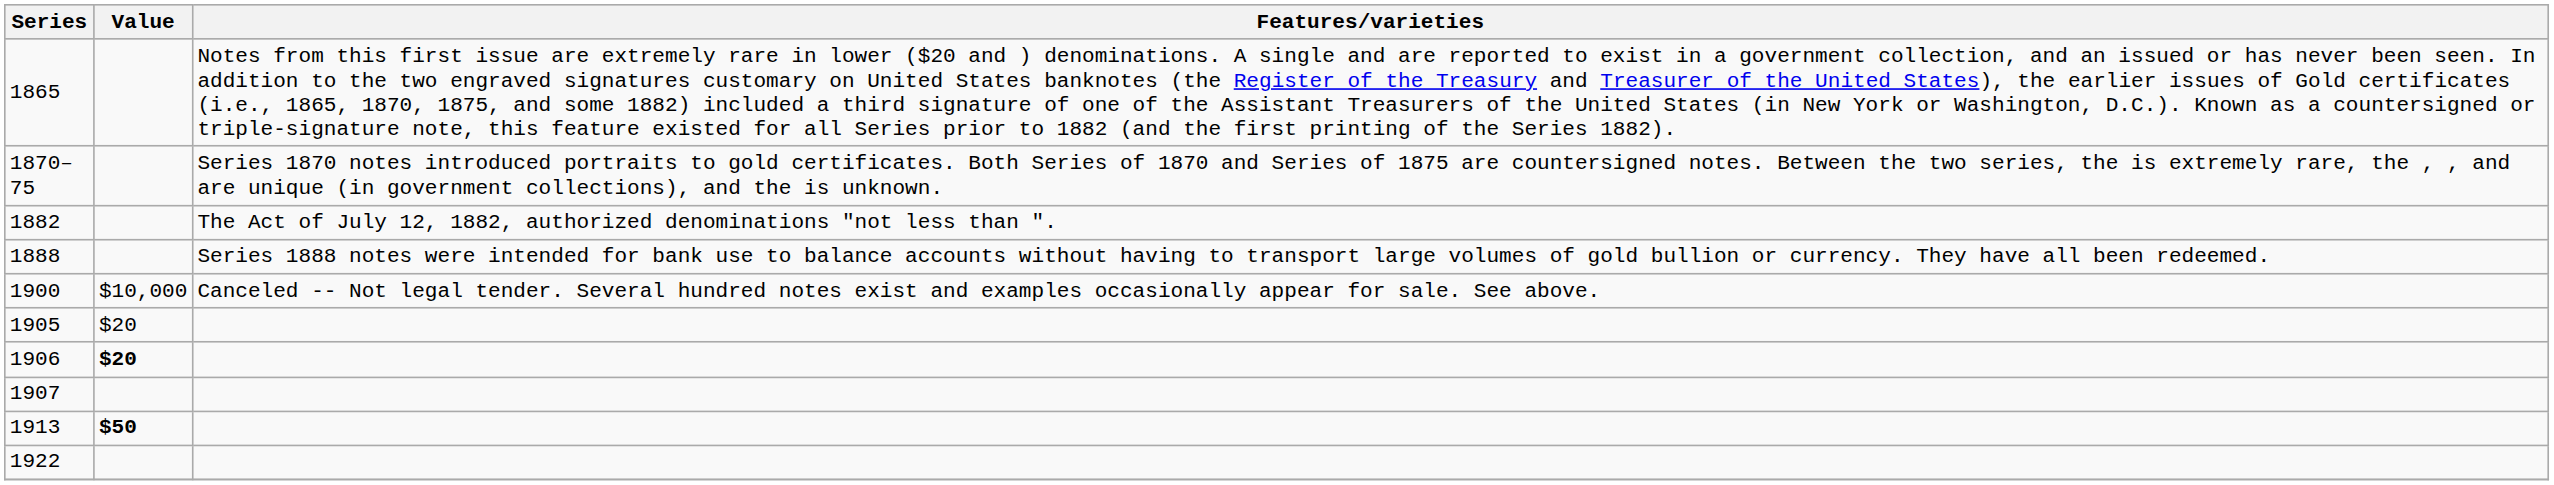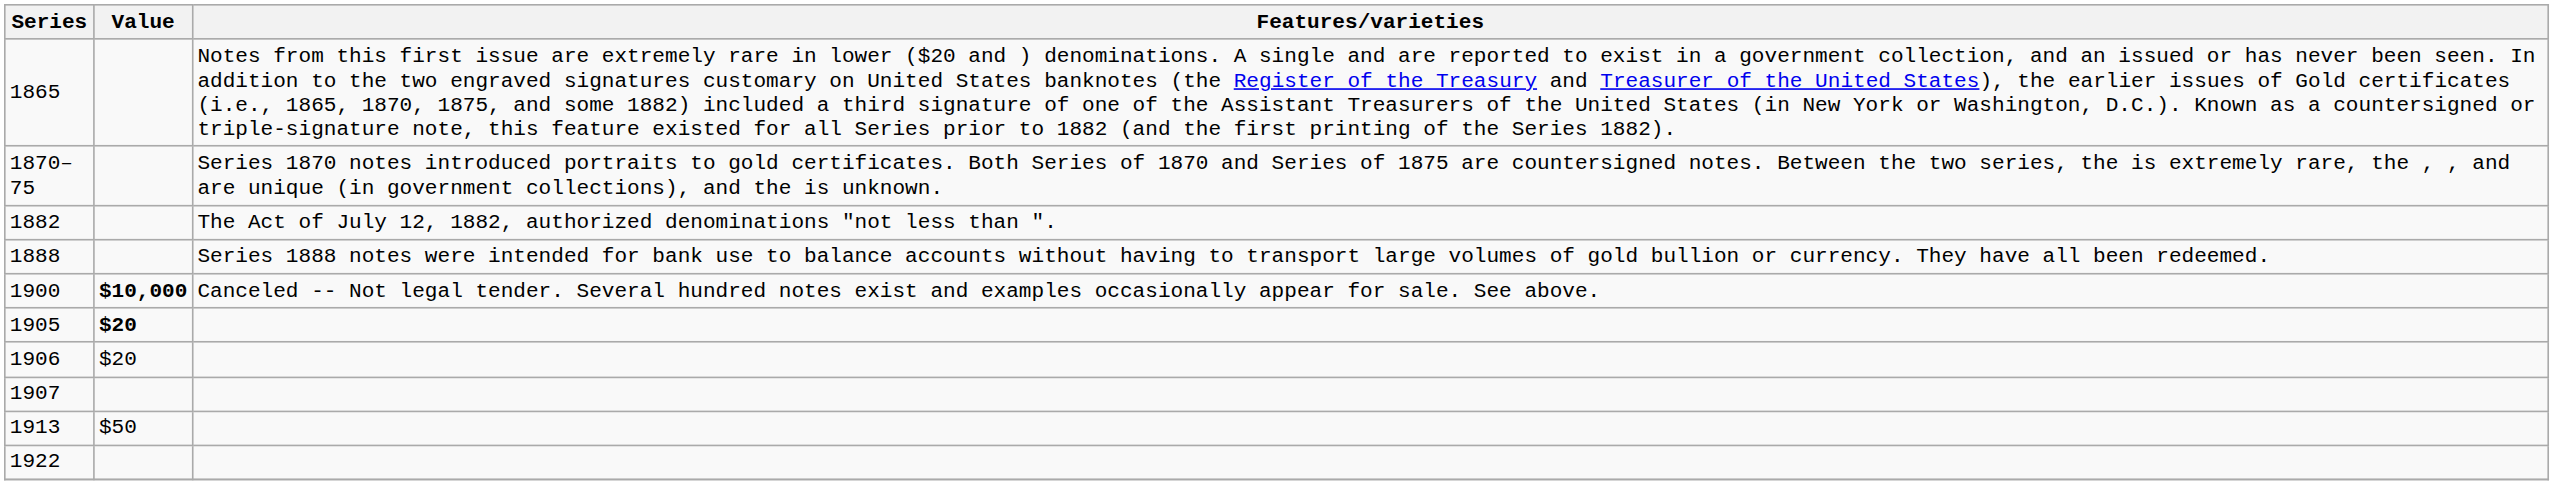 <table class="wikitable">
 <tr>
 <th scope="col">Series</th>
 <th scope="col">Value</th>
 <th scope="col">Features/varieties</th>
 </tr>
 <tr>
 <td>1865<br></td>
 <td></td>
 <td>Notes from this first issue are extremely rare in lower ($20 and ) denominations. A single  and  are reported to exist in a government collection, and an issued  or  has never been seen. In addition to the two engraved signatures customary on United States banknotes (the <a href='#'>Register of the Treasury</a> and <a href='#'>Treasurer of the United States</a>), the earlier issues of Gold certificates (i.e., 1865, 1870, 1875, and some 1882) included a third signature of one of the Assistant Treasurers of the United States (in New York or Washington, D.C.). Known as a countersigned or triple-signature note, this feature existed for all Series prior to 1882 (and the first printing of the Series 1882).</td>
 </tr>
 <tr>
 <td>1870–75</td>
 <td></td>
 <td>Series 1870 notes introduced portraits to gold certificates. Both Series of 1870 and Series of 1875 are countersigned notes. Between the two series, the  is extremely rare, the , , and  are unique (in government collections), and the  is unknown.</td>
 </tr>
 <tr>
 <td>1882</td>
 <td></td>
 <td>The Act of July 12, 1882, authorized denominations "not less than ".</td>
 </tr>
 <tr>
 <td>1888</td>
 <td></td>
 <td>Series 1888 notes were intended for bank use to balance accounts without having to transport large volumes of gold bullion or currency. They have all been redeemed.</td>
 </tr>
 <tr>
 <td>1900</td>
-<td>$10,000</td>
+<td><strong>$10,000</strong></td>
 <td>Canceled -- Not legal tender. Several hundred notes exist and examples occasionally appear for sale. See above.</td>
 </tr>
 <tr>
 <td>1905</td>
-<td>$20</td>
+<td><strong>$20</strong></td>
 <td></td>
 </tr>
 <tr>
 <td>1906</td>
-<td><strong>$20</strong></td>
+<td>$20</td>
 <td></td>
 </tr>
 <tr>
 <td>1907</td>
 <td></td>
 <td></td>
 </tr>
 <tr>
 <td>1913</td>
-<td><strong>$50</strong></td>
+<td>$50</td>
 <td></td>
 </tr>
 <tr>
 <td>1922</td>
 <td></td>
 <td></td>
 </tr>
 <tr>
 </tr>
 </table>
